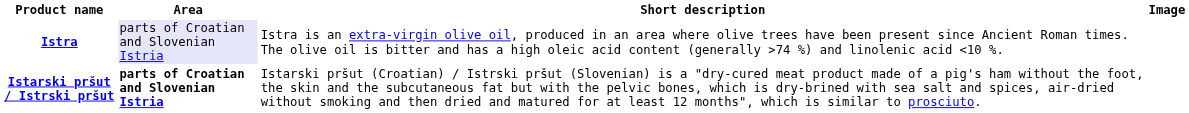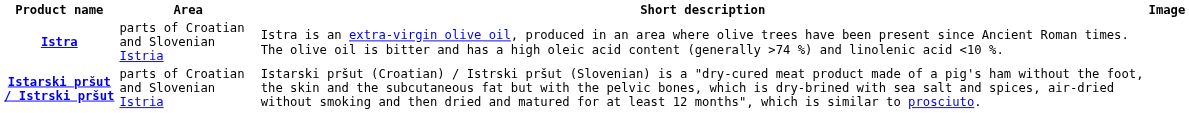 <table>
 <tr>
 <th>Product name</th>
 <th>Area</th>
 <th>Short description</th>
 <th>Image</th>
 </tr>
 <tr>
 <th><a href='#'>Istra</a></th>
-<td style="background: lavender;">parts of Croatian and Slovenian <a href='#'>Istria</a></td>
+<td>parts of Croatian and Slovenian <a href='#'>Istria</a></td>
 <td>Istra is an <a href='#'>extra-virgin olive oil</a>, produced in an area where olive trees have been present since Ancient Roman times. The olive oil is bitter and has a high oleic acid content (generally >74 %) and linolenic acid <10 %.</td>
 <td></td>
 </tr>
 <tr>
 <th><a href='#'>Istarski pršut / Istrski pršut</a></th>
-<td><strong>parts of Croatian and Slovenian <a href='#'>Istria</a></strong></td>
+<td>parts of Croatian and Slovenian <a href='#'>Istria</a></td>
 <td>Istarski pršut (Croatian) / Istrski pršut (Slovenian) is a "dry-cured meat product made of a pig's ham without the foot, the skin and the subcutaneous fat but with the pelvic bones, which is dry-brined with sea salt and spices, air-dried without smoking and then dried and matured for at least 12 months", which is similar to <a href='#'>prosciuto</a>.</td>
 <td></td>
 </tr>
 <tr>
 </tr>
 </table>
